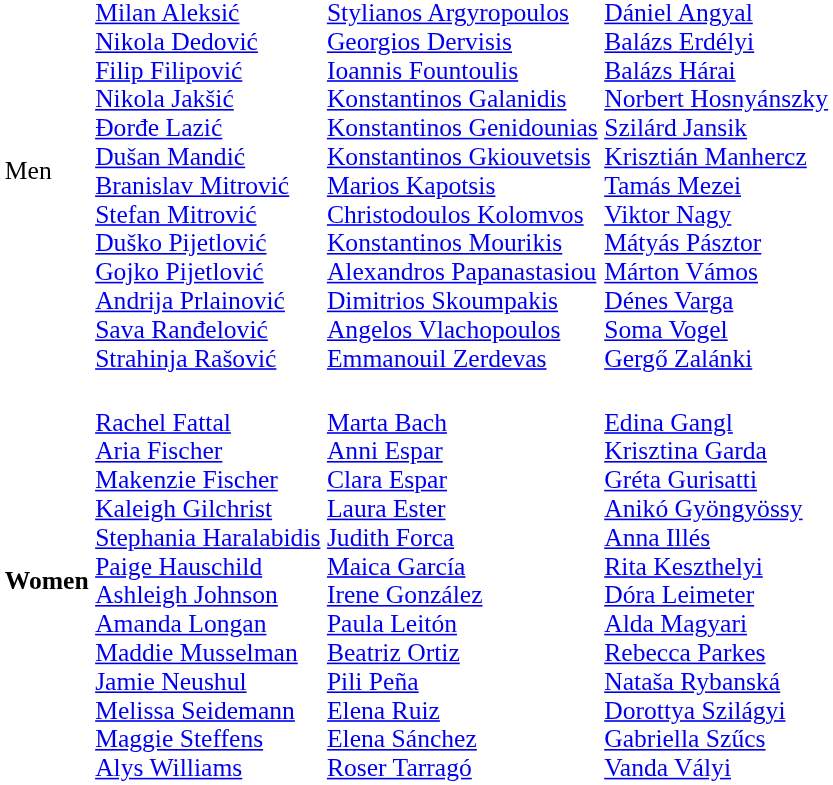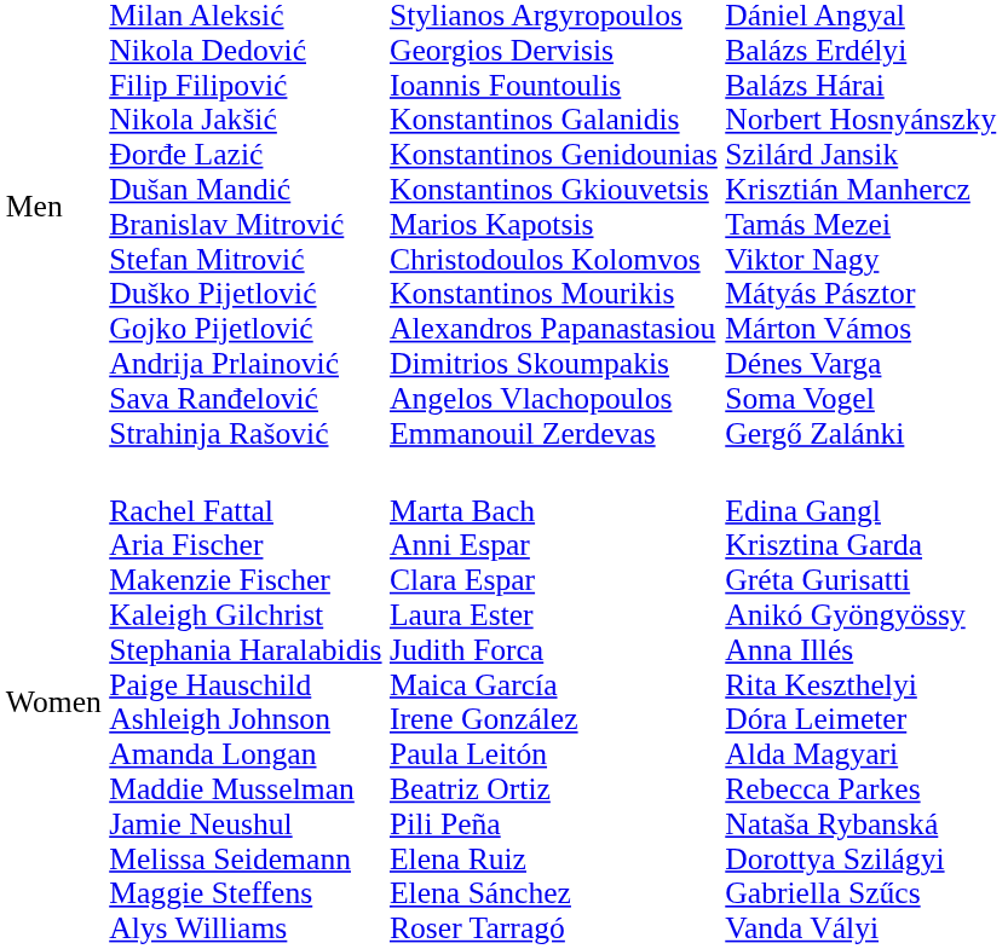 <table>
 <tr>
 <td>Men<br></td>
 <td><br><a href='#'>Milan Aleksić</a><br><a href='#'>Nikola Dedović</a><br><a href='#'>Filip Filipović</a><br><a href='#'>Nikola Jakšić</a><br><a href='#'>Đorđe Lazić</a><br><a href='#'>Dušan Mandić</a><br><a href='#'>Branislav Mitrović</a><br><a href='#'>Stefan Mitrović</a><br><a href='#'>Duško Pijetlović</a><br><a href='#'>Gojko Pijetlović</a><br><a href='#'>Andrija Prlainović</a><br><a href='#'>Sava Ranđelović</a><br><a href='#'>Strahinja Rašović</a></td>
 <td><br><a href='#'>Stylianos Argyropoulos</a><br><a href='#'>Georgios Dervisis</a><br><a href='#'>Ioannis Fountoulis</a><br><a href='#'>Konstantinos Galanidis</a><br><a href='#'>Konstantinos Genidounias</a><br><a href='#'>Konstantinos Gkiouvetsis</a><br><a href='#'>Marios Kapotsis</a><br><a href='#'>Christodoulos Kolomvos</a><br><a href='#'>Konstantinos Mourikis</a><br><a href='#'>Alexandros Papanastasiou</a><br><a href='#'>Dimitrios Skoumpakis</a><br><a href='#'>Angelos Vlachopoulos</a><br><a href='#'>Emmanouil Zerdevas</a></td>
 <td><br><a href='#'>Dániel Angyal</a><br><a href='#'>Balázs Erdélyi</a><br><a href='#'>Balázs Hárai</a><br><a href='#'>Norbert Hosnyánszky</a><br><a href='#'>Szilárd Jansik</a><br><a href='#'>Krisztián Manhercz</a><br><a href='#'>Tamás Mezei</a><br><a href='#'>Viktor Nagy</a><br><a href='#'>Mátyás Pásztor</a><br><a href='#'>Márton Vámos</a><br><a href='#'>Dénes Varga</a><br><a href='#'>Soma Vogel</a><br><a href='#'>Gergő Zalánki</a></td>
 </tr>
 <tr>
-<td><strong>Women<br></strong></td>
+<td>Women<br></td>
 <td><br><a href='#'>Rachel Fattal</a><br><a href='#'>Aria Fischer</a><br><a href='#'>Makenzie Fischer</a><br><a href='#'>Kaleigh Gilchrist</a><br><a href='#'>Stephania Haralabidis</a><br><a href='#'>Paige Hauschild</a><br><a href='#'>Ashleigh Johnson</a><br><a href='#'>Amanda Longan</a><br><a href='#'>Maddie Musselman</a><br><a href='#'>Jamie Neushul</a><br><a href='#'>Melissa Seidemann</a><br><a href='#'>Maggie Steffens</a><br><a href='#'>Alys Williams</a></td>
 <td><br><a href='#'>Marta Bach</a><br><a href='#'>Anni Espar</a><br><a href='#'>Clara Espar</a><br><a href='#'>Laura Ester</a><br><a href='#'>Judith Forca</a><br><a href='#'>Maica García</a><br><a href='#'>Irene González</a><br><a href='#'>Paula Leitón</a><br><a href='#'>Beatriz Ortiz</a><br><a href='#'>Pili Peña</a><br><a href='#'>Elena Ruiz</a><br><a href='#'>Elena Sánchez</a><br><a href='#'>Roser Tarragó</a></td>
 <td><br><a href='#'>Edina Gangl</a><br><a href='#'>Krisztina Garda</a><br><a href='#'>Gréta Gurisatti</a><br><a href='#'>Anikó Gyöngyössy</a><br><a href='#'>Anna Illés</a><br><a href='#'>Rita Keszthelyi</a><br><a href='#'>Dóra Leimeter</a><br><a href='#'>Alda Magyari</a><br><a href='#'>Rebecca Parkes</a><br><a href='#'>Nataša Rybanská</a><br><a href='#'>Dorottya Szilágyi</a><br><a href='#'>Gabriella Szűcs</a><br><a href='#'>Vanda Vályi</a></td>
 </tr>
 </table>
